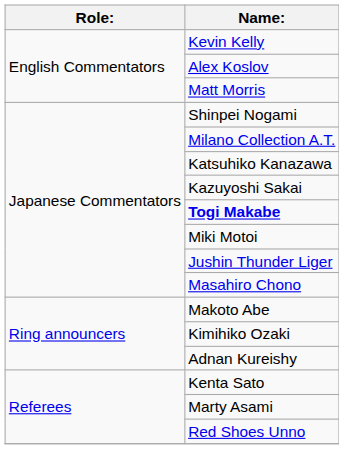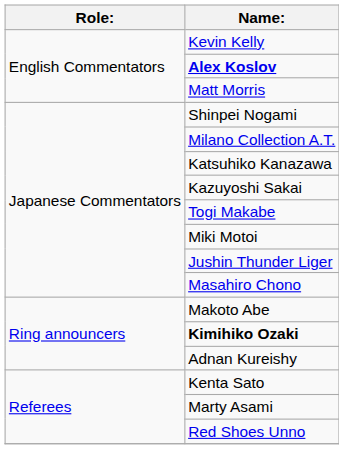 <table class=wikitable style="font-size:90%; margin: 0.5em 0 0.5em 1em; float: right; clear: right;">
 <tr>
 <th>Role:</th>
 <th>Name:</th>
 </tr>
 <tr>
 <td rowspan="3">English Commentators</td>
 <td><a href='#'>Kevin Kelly</a></td>
 </tr>
 <tr>
-<td><a href='#'>Alex Koslov</a></td>
+<td><strong><a href='#'>Alex Koslov</a></strong></td>
 </tr>
 <tr>
 <td><a href='#'>Matt Morris</a></td>
 </tr>
 <tr>
 <td rowspan=8>Japanese Commentators</td>
 <td>Shinpei Nogami</td>
 </tr>
 <tr>
 <td><a href='#'>Milano Collection A.T.</a></td>
 </tr>
 <tr>
 <td>Katsuhiko Kanazawa</td>
 </tr>
 <tr>
 <td>Kazuyoshi Sakai</td>
 </tr>
 <tr>
-<td><strong><a href='#'>Togi Makabe</a></strong></td>
+<td><a href='#'>Togi Makabe</a></td>
 </tr>
 <tr>
 <td>Miki Motoi</td>
 </tr>
 <tr>
 <td><a href='#'>Jushin Thunder Liger</a></td>
 </tr>
 <tr>
 <td><a href='#'>Masahiro Chono</a></td>
 </tr>
 <tr>
 <td rowspan=3><a href='#'>Ring announcers</a></td>
 <td>Makoto Abe</td>
 </tr>
 <tr>
-<td>Kimihiko Ozaki</td>
+<td><strong>Kimihiko Ozaki</strong></td>
 </tr>
 <tr>
 <td>Adnan Kureishy</td>
 </tr>
 <tr>
 <td rowspan="3"><a href='#'>Referees</a></td>
 <td>Kenta Sato</td>
 </tr>
 <tr>
 <td>Marty Asami</td>
 </tr>
 <tr>
 <td><a href='#'>Red Shoes Unno</a></td>
 </tr>
 <tr>
 </tr>
 </table>
